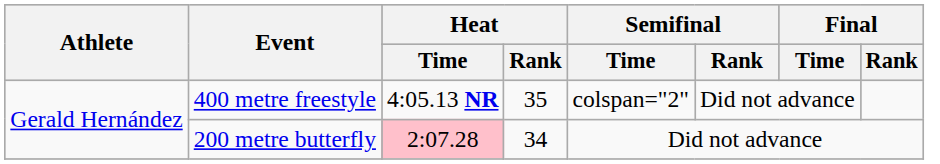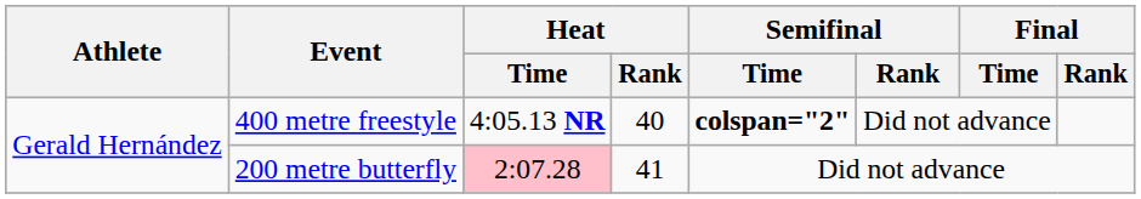 <table class="wikitable" style="text-align:center; font-size:90%">
 <tr>
 <th rowspan="2">Athlete</th>
 <th rowspan="2">Event</th>
 <th colspan="2">Heat</th>
 <th colspan="2">Semifinal</th>
 <th colspan="2">Final</th>
 </tr>
 <tr style="font-size:95%">
 <th>Time</th>
 <th>Rank</th>
 <th>Time</th>
 <th>Rank</th>
 <th>Time</th>
 <th>Rank</th>
 </tr>
 <tr>
 <td align=left rowspan=2><a href='#'>Gerald Hernández</a></td>
 <td align=left><a href='#'>400 metre freestyle</a></td>
 <td>4:05.13 <strong><a href='#'>NR</a></strong></td>
-<td>35</td>
-<td>colspan="2" </td>
+<td>40</td>
+<td><strong>colspan="2" </strong></td>
 <td colspan="2">Did not advance</td>
 </tr>
 <tr>
 <td align=left><a href='#'>200 metre butterfly</a></td>
 <td style="background: pink;">2:07.28</td>
-<td>34</td>
+<td>41</td>
 <td colspan=4>Did not advance</td>
 </tr>
 </table>
